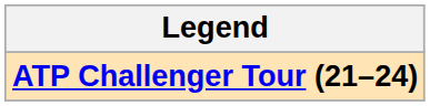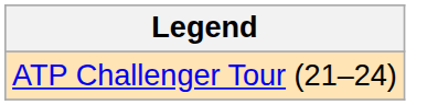 <table class="wikitable">
 <tr>
 <th>Legend</th>
 </tr>
 <tr style="background:moccasin">
-<td><strong><a href='#'>ATP Challenger Tour</a> (21–24)</strong></td>
+<td><a href='#'>ATP Challenger Tour</a> (21–24)</td>
 </tr>
 </table>
